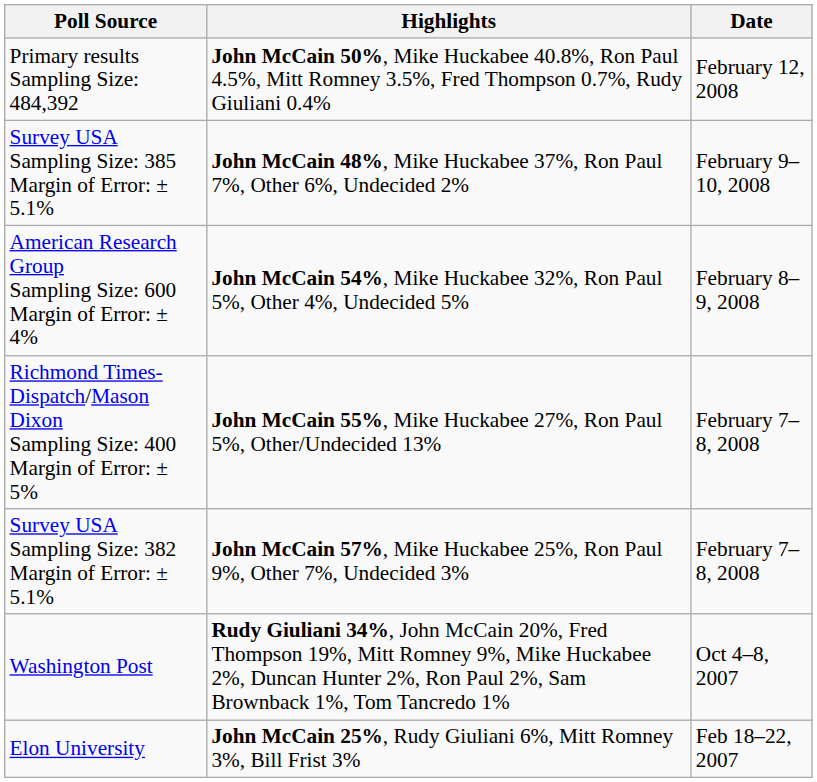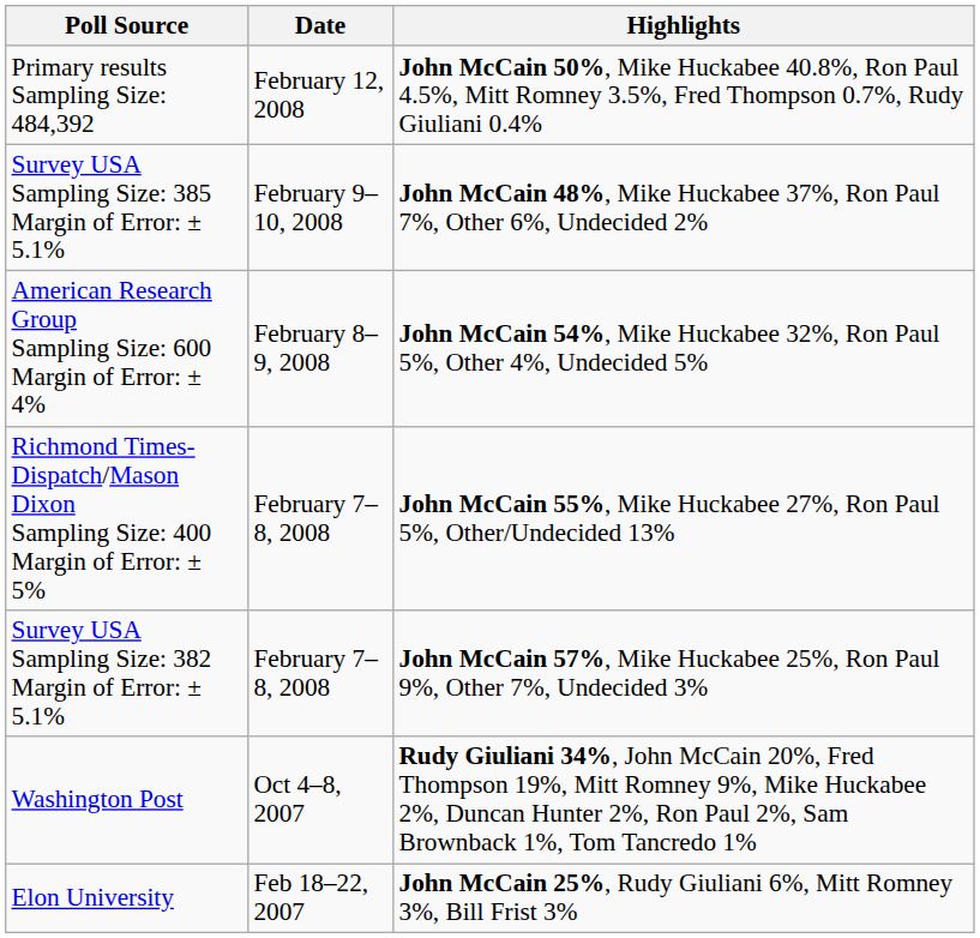 <table class="wikitable sortable">
 <tr>
 <th width="25%">Poll Source</th>
+<th width="15%">Date</th>
 <th width="60%">Highlights</th>
-<th width="15%">Date</th>
 </tr>
 <tr>
 <td>Primary results<br>Sampling Size: 484,392<br></td>
+<td>February 12, 2008</td>
 <td><strong>John McCain 50%</strong>, Mike Huckabee 40.8%, Ron Paul 4.5%, Mitt Romney 3.5%, Fred Thompson 0.7%, Rudy Giuliani 0.4%</td>
-<td>February 12, 2008</td>
 </tr>
 <tr>
 <td><a href='#'>Survey USA</a><br>Sampling Size: 385<br> Margin of Error: ± 5.1%</td>
+<td>February 9–10, 2008</td>
 <td><strong>John McCain 48%</strong>, Mike Huckabee 37%, Ron Paul 7%, Other 6%, Undecided 2%</td>
-<td>February 9–10, 2008</td>
 </tr>
 <tr>
 <td><a href='#'>American Research Group</a><br>Sampling Size: 600<br> Margin of Error: ± 4%</td>
+<td>February 8–9, 2008</td>
 <td><strong>John McCain 54%</strong>, Mike Huckabee 32%, Ron Paul 5%, Other 4%, Undecided 5%</td>
-<td>February 8–9, 2008</td>
 </tr>
 <tr>
 <td><a href='#'>Richmond Times-Dispatch</a>/<a href='#'>Mason Dixon</a><br>Sampling Size: 400<br> Margin of Error: ± 5%</td>
+<td>February 7–8, 2008</td>
 <td><strong>John McCain 55%</strong>, Mike Huckabee 27%, Ron Paul 5%, Other/Undecided 13%</td>
-<td>February 7–8, 2008</td>
 </tr>
 <tr>
 <td><a href='#'>Survey USA</a><br>Sampling Size: 382<br> Margin of Error: ± 5.1%</td>
+<td>February 7–8, 2008</td>
 <td><strong>John McCain 57%</strong>, Mike Huckabee 25%, Ron Paul 9%, Other 7%, Undecided 3%</td>
-<td>February 7–8, 2008</td>
 </tr>
 <tr>
 <td><a href='#'>Washington Post</a></td>
+<td>Oct 4–8, 2007</td>
 <td><strong>Rudy Giuliani 34%</strong>, John McCain 20%, Fred Thompson 19%, Mitt Romney 9%, Mike Huckabee 2%, Duncan Hunter 2%, Ron Paul 2%, Sam Brownback 1%, Tom Tancredo 1%</td>
-<td>Oct 4–8, 2007</td>
 </tr>
 <tr>
 <td><a href='#'>Elon University</a></td>
+<td>Feb 18–22, 2007</td>
 <td><strong>John McCain 25%</strong>, Rudy Giuliani 6%, Mitt Romney 3%, Bill Frist 3%</td>
-<td>Feb 18–22, 2007</td>
 </tr>
 </table>
